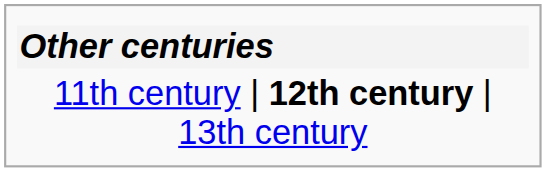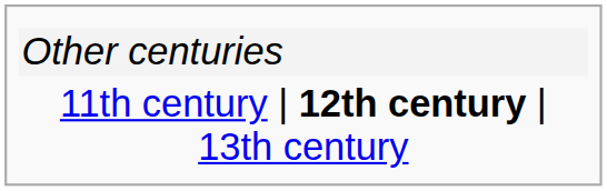 <table class="infobox" width=250>
 <tr>
 <td></td>
 </tr>
 <tr style="background-color:#f3f3f3">
-<td><strong><em>Other centuries</em></strong></td>
+<td><em>Other centuries</em></td>
 </tr>
 <tr>
 <td align="center"><a href='#'>11th century</a> | <strong>12th century</strong> | <a href='#'>13th century</a></td>
 </tr>
 </table>
